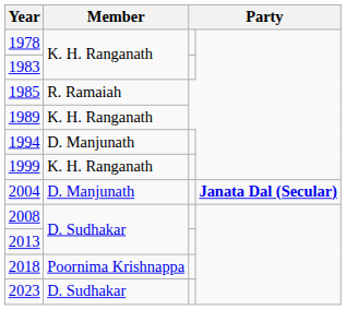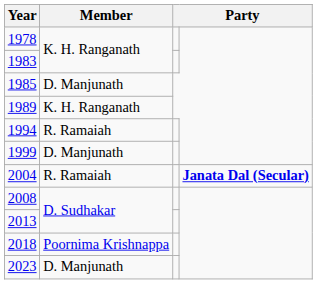 <table class="wikitable sortable">
 <tr>
 <th>Year</th>
 <th>Member</th>
 <th colspan="2">Party</th>
 </tr>
 <tr>
 <td><a href='#'>1978</a></td>
 <td rowspan=2>K. H. Ranganath</td>
 <td></td>
 </tr>
 <tr>
 <td><a href='#'>1983</a></td>
 <td></td>
 </tr>
 <tr>
 <td><a href='#'>1985</a></td>
-<td>R. Ramaiah</td>
+<td>D. Manjunath</td>
 </tr>
 <tr>
 <td><a href='#'>1989</a></td>
 <td>K. H. Ranganath</td>
 </tr>
 <tr>
 <td><a href='#'>1994</a></td>
+<td>R. Ramaiah</td>
+<td></td>
+</tr>
+<tr>
+<td><a href='#'>1999</a></td>
 <td>D. Manjunath</td>
 <td></td>
 </tr>
 <tr>
-<td><a href='#'>1999</a></td>
-<td>K. H. Ranganath</td>
-<td></td>
-</tr>
-<tr>
 <td><a href='#'>2004</a></td>
-<td><a href='#'>D. Manjunath</a></td>
+<td>R. Ramaiah</td>
 <td style="background-color :"></td>
 <td><strong><a href='#'>Janata Dal (Secular)</a></strong></td>
 </tr>
 <tr>
 <td><a href='#'>2008</a></td>
 <td rowspan="2"><a href='#'>D. Sudhakar</a></td>
 <td></td>
 </tr>
 <tr>
 <td><a href='#'>2013</a></td>
 <td></td>
 </tr>
 <tr>
 <td><a href='#'>2018</a></td>
 <td><a href='#'>Poornima Krishnappa</a></td>
 <td></td>
 </tr>
 <tr>
 <td><a href='#'>2023</a></td>
-<td><a href='#'>D. Sudhakar</a></td>
+<td>D. Manjunath</td>
 <td></td>
 </tr>
 </table>
